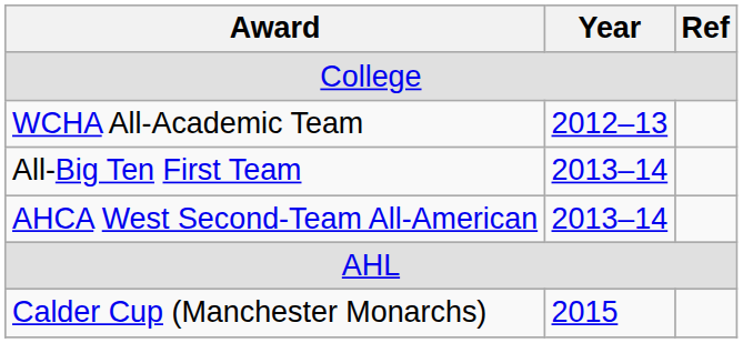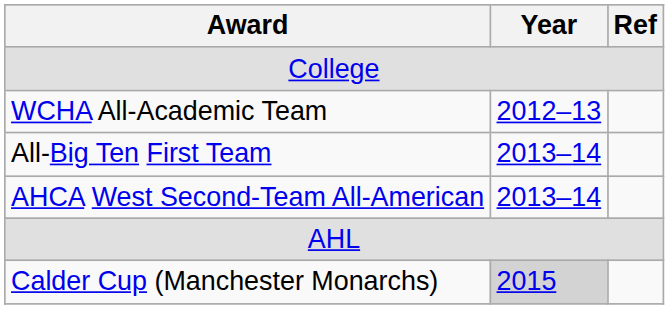 <table class="wikitable">
 <tr>
 <th>Award</th>
 <th>Year</th>
 <th>Ref</th>
 </tr>
 <tr ALIGN="center" bgcolor="#e0e0e0">
 <td colspan="3"><a href='#'>College</a></td>
 </tr>
 <tr>
 <td><a href='#'>WCHA</a> All-Academic Team</td>
 <td><a href='#'>2012–13</a></td>
 <td></td>
 </tr>
 <tr>
 <td>All-<a href='#'>Big Ten</a> <a href='#'>First Team</a></td>
 <td><a href='#'>2013–14</a></td>
 <td></td>
 </tr>
 <tr>
 <td><a href='#'>AHCA</a> <a href='#'>West Second-Team All-American</a></td>
 <td><a href='#'>2013–14</a></td>
 <td></td>
 </tr>
 <tr ALIGN="center" bgcolor="#e0e0e0">
 <td colspan="3"><a href='#'>AHL</a></td>
 </tr>
 <tr>
 <td><a href='#'>Calder Cup</a> (Manchester Monarchs)</td>
-<td><a href='#'>2015</a></td>
+<td style="background: lightgrey;"><a href='#'>2015</a></td>
 <td></td>
 </tr>
 </table>
